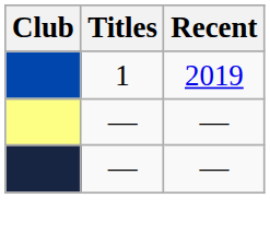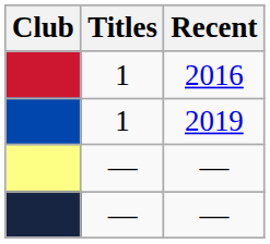 <table class="wikitable" style="text-align:center; width=60%;">
 <tr>
 <th>Club</th>
 <th>Titles</th>
 <th>Recent</th>
+</tr>
+<tr>
+<td style=background-color:#CD1731;color:#FFFFFF><strong><a href='#'></a></strong></td>
+<td>1</td>
+<td><a href='#'>2016</a></td>
 </tr>
 <tr>
 <td style=background-color:#0046AD;color:#DF0101><strong><a href='#'></a></strong></td>
 <td>1</td>
 <td><a href='#'>2019</a></td>
 </tr>
 <tr>
 <td style=background-color:#FCFF84;color:#AD9759><strong><a href='#'></a></strong></td>
 <td>—</td>
 <td>—</td>
 </tr>
 <tr>
 <td style=background-color:#172442;color:Goldenrod><strong><a href='#'></a></strong></td>
 <td>—</td>
 <td>—</td>
 </tr>
 </table>
